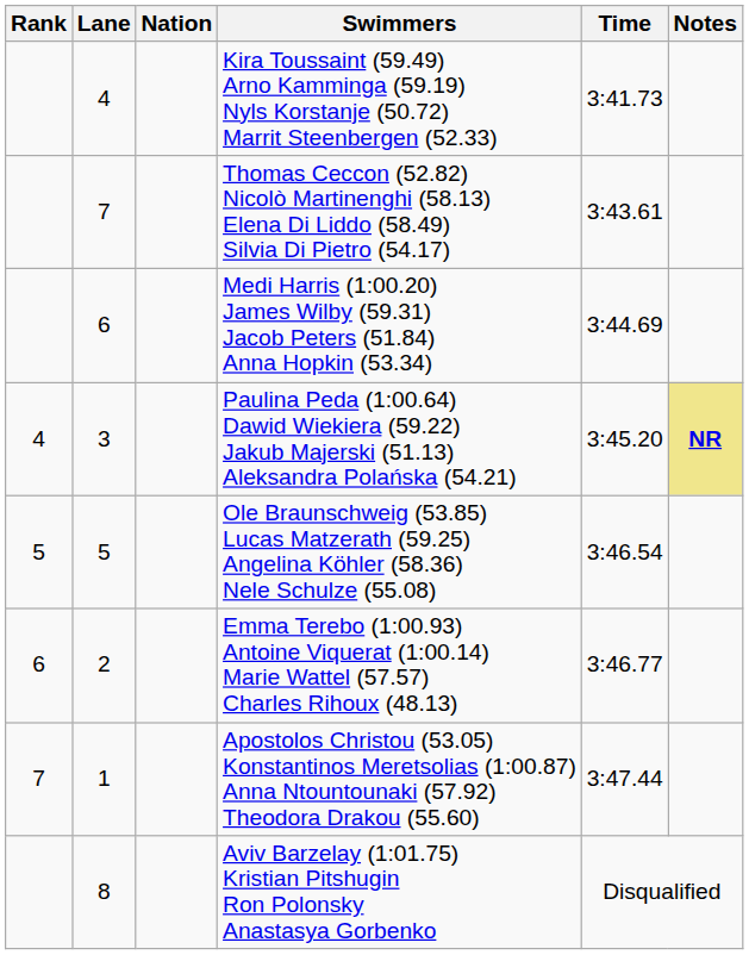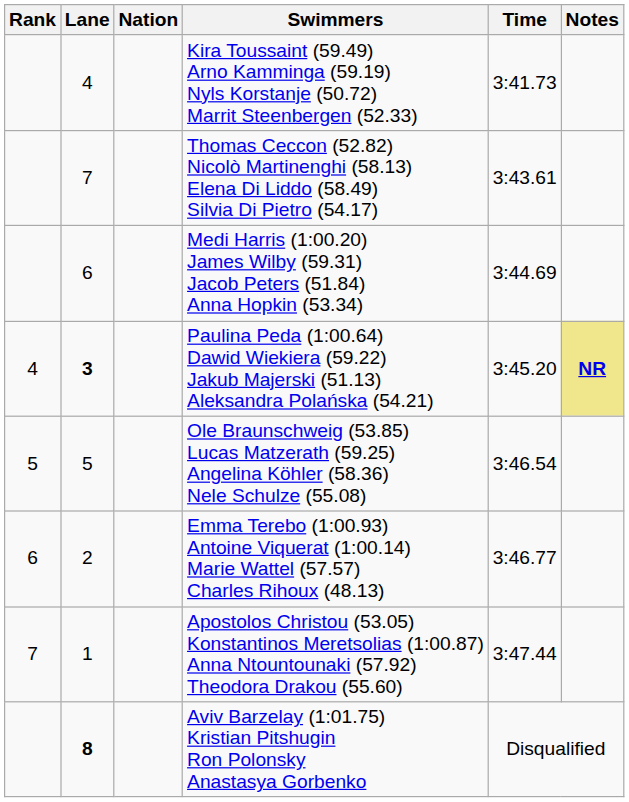 <table class="wikitable sortable" style="text-align:center">
 <tr>
 <th>Rank</th>
 <th>Lane</th>
 <th>Nation</th>
 <th>Swimmers</th>
 <th>Time</th>
 <th>Notes</th>
 </tr>
 <tr>
 <td></td>
 <td>4</td>
 <td align=left></td>
 <td align=left><a href='#'>Kira Toussaint</a> (59.49)<br><a href='#'>Arno Kamminga</a> (59.19)<br><a href='#'>Nyls Korstanje</a> (50.72)<br><a href='#'>Marrit Steenbergen</a> (52.33)</td>
 <td>3:41.73</td>
 <td></td>
 </tr>
 <tr>
 <td></td>
 <td>7</td>
 <td align=left></td>
 <td align=left><a href='#'>Thomas Ceccon</a> (52.82)<br><a href='#'>Nicolò Martinenghi</a> (58.13)<br><a href='#'>Elena Di Liddo</a> (58.49)<br><a href='#'>Silvia Di Pietro</a> (54.17)</td>
 <td>3:43.61</td>
 <td></td>
 </tr>
 <tr>
 <td></td>
 <td>6</td>
 <td align=left></td>
 <td align=left><a href='#'>Medi Harris</a> (1:00.20)<br><a href='#'>James Wilby</a> (59.31)<br><a href='#'>Jacob Peters</a> (51.84)<br><a href='#'>Anna Hopkin</a> (53.34)</td>
 <td>3:44.69</td>
 <td></td>
 </tr>
 <tr>
 <td>4</td>
-<td>3</td>
+<td><strong>3</strong></td>
 <td align=left></td>
 <td align=left><a href='#'>Paulina Peda</a> (1:00.64)<br><a href='#'>Dawid Wiekiera</a> (59.22)<br><a href='#'>Jakub Majerski</a> (51.13)<br><a href='#'>Aleksandra Polańska</a> (54.21)</td>
 <td>3:45.20</td>
 <td style="background: khaki;"><strong><a href='#'>NR</a></strong></td>
 </tr>
 <tr>
 <td>5</td>
 <td>5</td>
 <td align=left></td>
 <td align=left><a href='#'>Ole Braunschweig</a> (53.85)<br><a href='#'>Lucas Matzerath</a> (59.25)<br><a href='#'>Angelina Köhler</a> (58.36)<br><a href='#'>Nele Schulze</a> (55.08)</td>
 <td>3:46.54</td>
 <td></td>
 </tr>
 <tr>
 <td>6</td>
 <td>2</td>
 <td align=left></td>
 <td align=left><a href='#'>Emma Terebo</a> (1:00.93)<br><a href='#'>Antoine Viquerat</a> (1:00.14)<br><a href='#'>Marie Wattel</a> (57.57)<br><a href='#'>Charles Rihoux</a> (48.13)</td>
 <td>3:46.77</td>
 <td></td>
 </tr>
 <tr>
 <td>7</td>
 <td>1</td>
 <td align=left></td>
 <td align=left><a href='#'>Apostolos Christou</a> (53.05)<br><a href='#'>Konstantinos Meretsolias</a> (1:00.87)<br><a href='#'>Anna Ntountounaki</a> (57.92)<br><a href='#'>Theodora Drakou</a> (55.60)</td>
 <td>3:47.44</td>
 <td></td>
 </tr>
 <tr>
 <td></td>
-<td>8</td>
+<td><strong>8</strong></td>
 <td align=left></td>
 <td align=left><a href='#'>Aviv Barzelay</a> (1:01.75)<br><a href='#'>Kristian Pitshugin</a><br><a href='#'>Ron Polonsky</a><br><a href='#'>Anastasya Gorbenko</a></td>
 <td colspan=2>Disqualified</td>
 </tr>
 </table>
